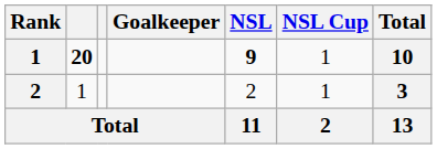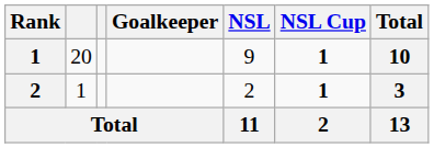 <table class="wikitable sortable" style="text-align:center">
 <tr>
 <th>Rank</th>
 <th></th>
 <th></th>
 <th>Goalkeeper</th>
 <th><a href='#'>NSL</a></th>
 <th><a href='#'>NSL Cup</a></th>
 <th>Total</th>
 </tr>
 <tr>
 <th>1</th>
-<td><strong>20</strong></td>
+<td>20</td>
 <td></td>
 <td align="left"></td>
-<td><strong>9</strong></td>
-<td>1</td>
+<td>9</td>
+<td><strong>1</strong></td>
 <th>10</th>
 </tr>
 <tr>
 <th>2</th>
 <td>1</td>
 <td></td>
 <td align="left"></td>
 <td>2</td>
-<td>1</td>
+<td><strong>1</strong></td>
 <th>3</th>
 </tr>
 <tr>
 <th colspan="4">Total</th>
 <th>11</th>
 <th>2</th>
 <th>13</th>
 </tr>
 </table>
